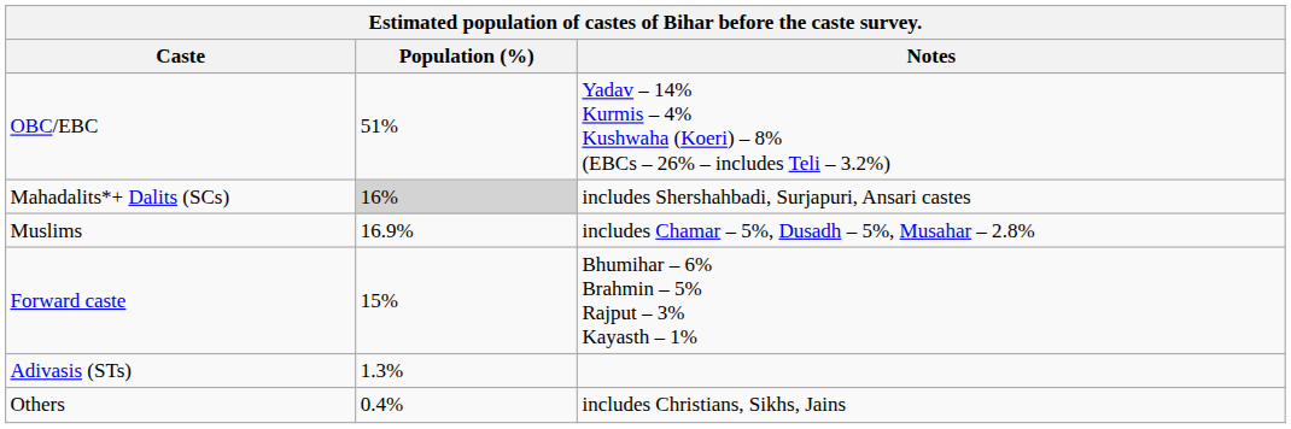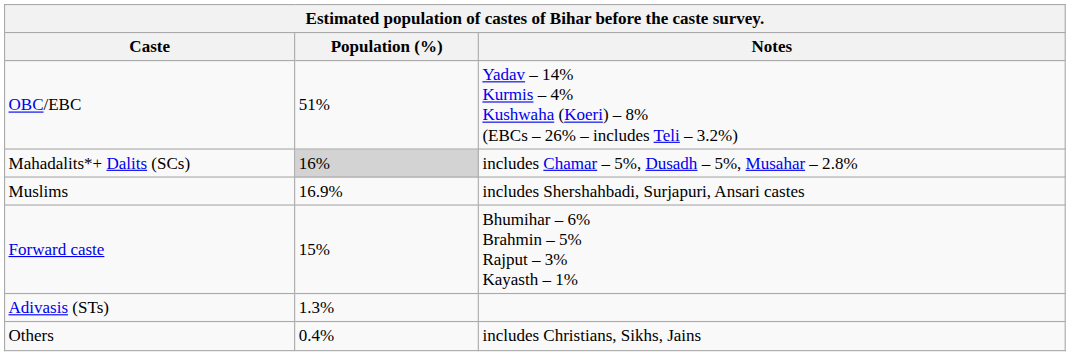 <table class="wikitable" style="width: 75%;font-size: 95%;align:center;">
 <tr>
 <th colspan="3">Estimated population of castes of Bihar before the caste survey.</th>
 </tr>
 <tr>
 <th>Caste</th>
 <th>Population (%)</th>
 <th>Notes</th>
 </tr>
 <tr>
 <td><a href='#'>OBC</a>/EBC</td>
 <td>51%</td>
 <td><a href='#'>Yadav</a>  – 14%<br> <a href='#'>Kurmis</a>  – 4%<br> <a href='#'>Kushwaha</a> (<a href='#'>Koeri</a>)  – 8%<br>(EBCs – 26% – includes <a href='#'>Teli</a> – 3.2%)</td>
 </tr>
 <tr>
 <td>Mahadalits*+ <a href='#'>Dalits</a> (SCs)</td>
 <td style="background: lightgrey;">16%</td>
-<td>includes Shershahbadi, Surjapuri, Ansari castes</td>
+<td>includes <a href='#'>Chamar</a> – 5%, <a href='#'>Dusadh</a> – 5%, <a href='#'>Musahar</a> – 2.8%</td>
 </tr>
 <tr>
 <td>Muslims</td>
 <td>16.9%</td>
-<td>includes <a href='#'>Chamar</a> – 5%, <a href='#'>Dusadh</a> – 5%, <a href='#'>Musahar</a> – 2.8%</td>
+<td>includes Shershahbadi, Surjapuri, Ansari castes</td>
 </tr>
 <tr>
 <td><a href='#'>Forward caste</a></td>
 <td>15% </td>
 <td>Bhumihar – 6%<br>Brahmin – 5% <br>Rajput – 3%<br>Kayasth – 1%</td>
 </tr>
 <tr>
 <td><a href='#'>Adivasis</a> (STs)</td>
 <td>1.3% </td>
 <td></td>
 </tr>
 <tr>
 <td>Others</td>
 <td>0.4%</td>
 <td>includes Christians, Sikhs, Jains</td>
 </tr>
 </table>
